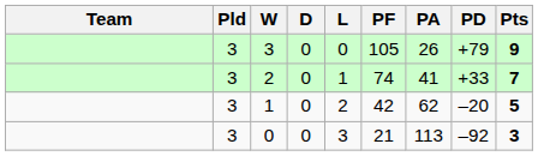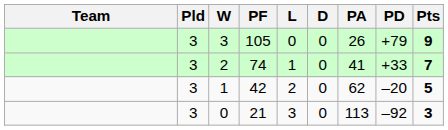 <table class="wikitable" style="text-align:center;">
 <tr>
 <th width=175>Team</th>
 <th width=25 abbr="Played">Pld</th>
 <th width=25 abbr="Won">W</th>
+<th width=32 abbr="Points for">PF</th>
+<th width=25 abbr="Lost">L</th>
 <th width=25 abbr="Drawn">D</th>
-<th width=25 abbr="Lost">L</th>
-<th width=32 abbr="Points for">PF</th>
 <th width=32 abbr="Points against">PA</th>
 <th width=32 abbr="Points difference">PD</th>
 <th width=25 abbr="Points">Pts</th>
 </tr>
 <tr bgcolor=ccffcc>
 <td align=left></td>
 <td>3</td>
 <td>3</td>
+<td>105</td>
 <td>0</td>
 <td>0</td>
-<td>105</td>
 <td>26</td>
 <td>+79</td>
 <td><strong>9</strong></td>
 </tr>
 <tr bgcolor=ccffcc>
 <td align=left></td>
 <td>3</td>
 <td>2</td>
+<td>74</td>
+<td>1</td>
 <td>0</td>
-<td>1</td>
-<td>74</td>
 <td>41</td>
 <td>+33</td>
 <td><strong>7</strong></td>
 </tr>
 <tr>
 <td align=left></td>
 <td>3</td>
 <td>1</td>
+<td>42</td>
+<td>2</td>
 <td>0</td>
-<td>2</td>
-<td>42</td>
 <td>62</td>
 <td>–20</td>
 <td><strong>5</strong></td>
 </tr>
 <tr>
 <td align=left></td>
 <td>3</td>
 <td>0</td>
+<td>21</td>
+<td>3</td>
 <td>0</td>
-<td>3</td>
-<td>21</td>
 <td>113</td>
 <td>–92</td>
 <td><strong>3</strong></td>
 </tr>
 </table>
